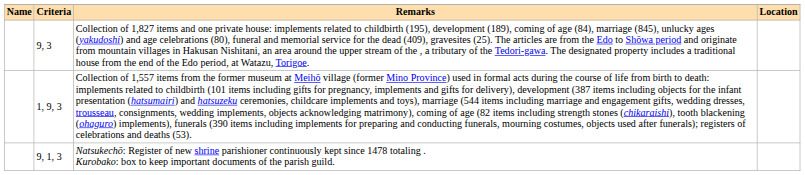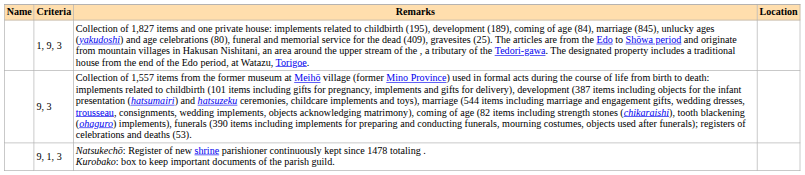 <table class="wikitable sortable" width="100%" style="background:#ffffff;">
 <tr>
 </tr>
 <tr>
 <th scope="col" align="left" style="background:#ffdead;">Name</th>
 <th scope="col" align="left" style="background:#ffdead;">Criteria</th>
 <th scope="col" align="left" style="background:#ffdead;" class="unsortable">Remarks</th>
 <th scope="col" style="background:#ffdead;">Location</th>
 </tr>
 <tr>
 <td></td>
-<td>9, 3</td>
+<td>1, 9, 3</td>
 <td>Collection of 1,827 items and one private house: implements related to childbirth (195), development (189), coming of age (84), marriage (845), unlucky ages (<em><a href='#'>yakudoshi</a></em>) and age celebrations (80), funeral and memorial service for the dead (409), gravesites (25). The articles are from the <a href='#'>Edo</a> to <a href='#'>Shōwa period</a> and originate from mountain villages in Hakusan Nishitani, an area around the upper stream of the , a tributary of the <a href='#'>Tedori-gawa</a>. The designated property includes a traditional house from the end of the Edo period, at Watazu, <a href='#'>Torigoe</a>.</td>
 <td></td>
 </tr>
 <tr>
 <td></td>
-<td>1, 9, 3</td>
+<td>9, 3</td>
 <td>Collection of 1,557 items from the former museum at <a href='#'>Meihō</a> village (former <a href='#'>Mino Province</a>) used in formal acts during the course of life from birth to death: implements related to childbirth (101 items including gifts for pregnancy, implements and gifts for delivery), development (387 items including objects for the infant presentation (<em><a href='#'>hatsumairi</a></em>) and <em><a href='#'>hatsuzeku</a></em> ceremonies, childcare implements and toys), marriage (544 items including marriage and engagement gifts, wedding dresses, <a href='#'>trousseau</a>, consignments, wedding implements, objects acknowledging matrimony), coming of age (82 items including strength stones (<em><a href='#'>chikaraishi</a></em>), tooth blackening (<em><a href='#'>ohaguro</a></em>) implements), funerals (390 items including implements for preparing and conducting funerals, mourning costumes, objects used after funerals); registers of celebrations and deaths (53).</td>
 <td></td>
 </tr>
 <tr>
 <td></td>
 <td>9, 1, 3</td>
 <td><em>Natsukechō</em>: Register of new <a href='#'>shrine</a> parishioner continuously kept since 1478 totaling .<br><em>Kurobako</em>: box to keep important documents of the parish guild.</td>
 <td></td>
 </tr>
 </table>
